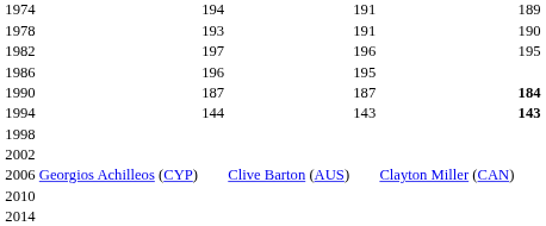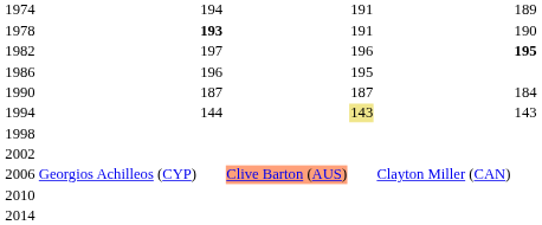 <table>
 <tr>
 <td>1974</td>
 <td></td>
 <td>194</td>
 <td></td>
 <td>191</td>
 <td></td>
 <td>189</td>
 </tr>
 <tr>
 <td>1978</td>
 <td></td>
-<td>193</td>
+<td><strong>193</strong></td>
 <td></td>
 <td>191</td>
 <td></td>
 <td>190</td>
 </tr>
 <tr>
 <td>1982</td>
 <td></td>
 <td>197</td>
 <td></td>
 <td>196</td>
 <td></td>
-<td>195</td>
+<td><strong>195</strong></td>
 </tr>
 <tr>
 <td>1986</td>
 <td></td>
 <td>196</td>
 <td><br></td>
 <td>195</td>
 <td></td>
 <td></td>
 </tr>
 <tr>
 <td>1990</td>
 <td></td>
 <td>187</td>
 <td></td>
 <td>187</td>
 <td></td>
-<td><strong>184</strong></td>
+<td>184</td>
 </tr>
 <tr>
 <td>1994</td>
 <td></td>
 <td>144</td>
 <td></td>
+<td style="background: khaki;">143</td>
+<td></td>
 <td>143</td>
-<td></td>
-<td><strong>143</strong></td>
 </tr>
 <tr>
 <td>1998</td>
 <td></td>
 <td></td>
 <td></td>
 <td></td>
 <td></td>
 <td></td>
 </tr>
 <tr>
 <td>2002</td>
 <td></td>
 <td></td>
 <td></td>
 <td></td>
 <td></td>
 <td></td>
 </tr>
 <tr>
 <td>2006</td>
 <td> <a href='#'>Georgios Achilleos</a> (<a href='#'>CYP</a>)</td>
 <td></td>
-<td> <a href='#'>Clive Barton</a> (<a href='#'>AUS</a>)</td>
+<td style="background: lightsalmon;"> <a href='#'>Clive Barton</a> (<a href='#'>AUS</a>)</td>
 <td></td>
 <td> <a href='#'>Clayton Miller</a> (<a href='#'>CAN</a>)</td>
 <td></td>
 </tr>
 <tr>
 <td>2010<br></td>
 <td></td>
 <td></td>
 <td></td>
 <td></td>
 <td></td>
 <td></td>
 </tr>
 <tr>
 <td>2014<br></td>
 <td></td>
 <td></td>
 <td></td>
 <td></td>
 <td></td>
 <td></td>
 </tr>
 </table>
